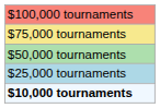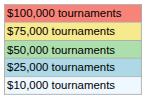 <table class="wikitable" style="font-size:85%;" width=13%>
 <tr bgcolor="#F88379">
 <td>$100,000 tournaments</td>
 </tr>
 <tr bgcolor="#F7E98E">
 <td>$75,000 tournaments</td>
 </tr>
 <tr bgcolor="#ADDFAD">
 <td>$50,000 tournaments</td>
 </tr>
 <tr bgcolor=lightblue>
 <td>$25,000 tournaments</td>
 </tr>
 <tr bgcolor="#f0f8ff">
-<td><strong>$10,000 tournaments</strong></td>
+<td>$10,000 tournaments</td>
 </tr>
 </table>
